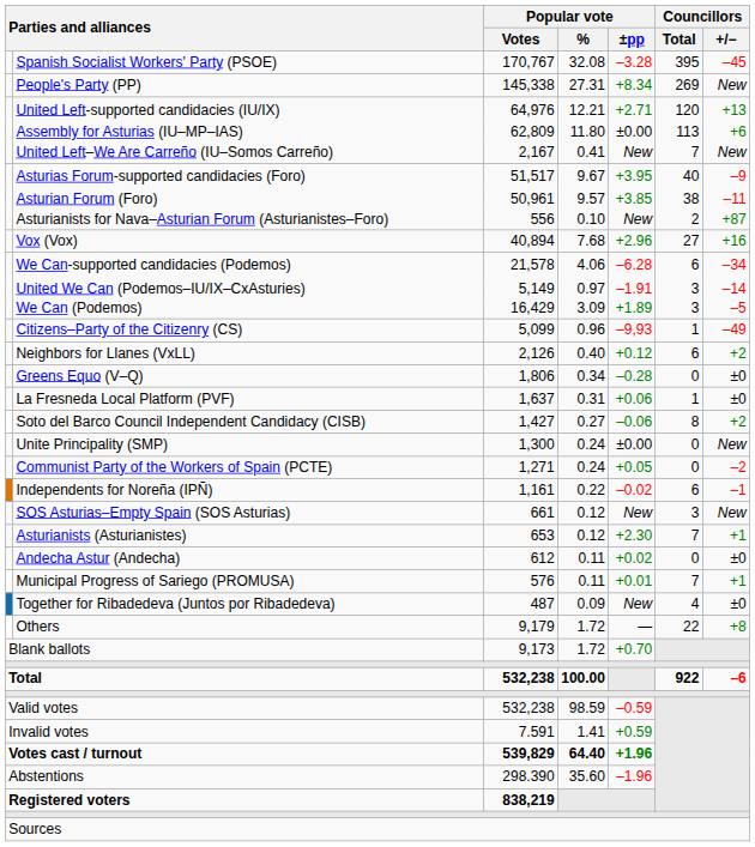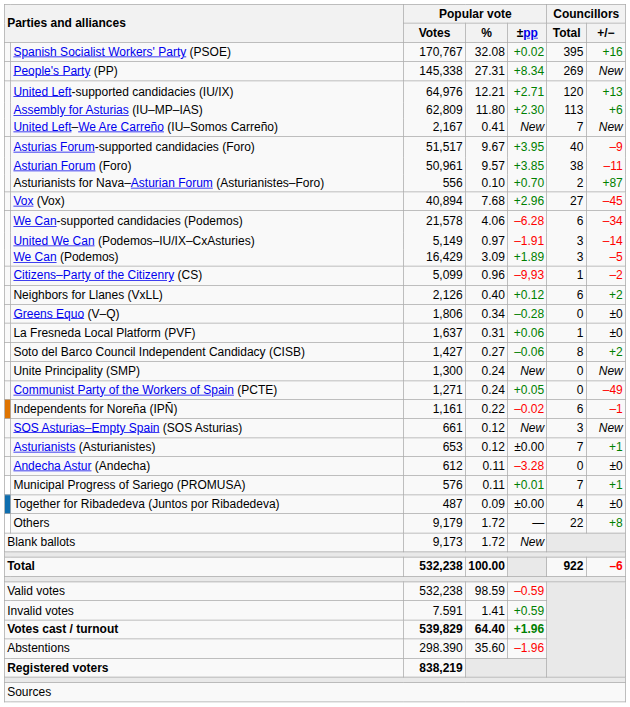 <table class="wikitable" style="text-align:right;">
 <tr>
 <th colspan="2" rowspan="2" style="text-align:left;" width="525">Parties and alliances</th>
 <th colspan="3">Popular vote</th>
 <th colspan="2">Councillors</th>
 </tr>
 <tr>
 <th width="75">Votes</th>
 <th width="45">%</th>
 <th width="45">±<a href='#'>pp</a></th>
 <th width="45">Total</th>
 <th width="45">+/−</th>
 </tr>
 <tr>
 <td width="1" style="color:inherit;background:"></td>
 <td align="left"><a href='#'>Spanish Socialist Workers' Party</a> (PSOE)</td>
 <td>170,767</td>
 <td>32.08</td>
-<td style="color:red;">–3.28</td>
+<td style="color:green;">+0.02</td>
 <td>395</td>
-<td style="color:red;">–45</td>
+<td style="color:green;">+16</td>
 </tr>
 <tr>
 <td style="color:inherit;background:"></td>
 <td align="left"><a href='#'>People's Party</a> (PP)</td>
 <td>145,338</td>
 <td>27.31</td>
 <td style="color:green;">+8.34</td>
 <td>269</td>
 <td><em>New</em></td>
 </tr>
 <tr style="line-height:22px;">
 <td rowspan="3" style="color:inherit;background:"></td>
 <td align="left"><a href='#'>United Left</a>-supported candidacies (IU/IX)</td>
 <td>64,976</td>
 <td>12.21</td>
 <td style="color:green;">+2.71</td>
 <td>120</td>
 <td style="color:green;">+13</td>
 </tr>
 <tr style="border-bottom-style:hidden; border-top-style:hidden; line-height:16px;">
 <td align="left"><span><a href='#'>Assembly for Asturias</a> (IU–MP–IAS)</span></td>
 <td>62,809</td>
 <td>11.80</td>
-<td>±0.00</td>
+<td style="color:green;">+2.30</td>
 <td>113</td>
 <td style="color:green;">+6</td>
 </tr>
 <tr style="line-height:16px;">
 <td align="left"><span><a href='#'>United Left</a>–<a href='#'>We Are Carreño</a> (IU–Somos Carreño)</span></td>
 <td>2,167</td>
 <td>0.41</td>
 <td><em>New</em></td>
 <td>7</td>
 <td><em>New</em></td>
 </tr>
 <tr style="line-height:22px;">
 <td rowspan="3" style="color:inherit;background:"></td>
 <td align="left"><a href='#'>Asturias Forum</a>-supported candidacies (Foro)</td>
 <td>51,517</td>
 <td>9.67</td>
 <td style="color:green;">+3.95</td>
 <td>40</td>
 <td style="color:red;">–9</td>
 </tr>
 <tr style="border-top-style:hidden; line-height:16px;">
 <td align="left"><span><a href='#'>Asturian Forum</a> (Foro)</span></td>
 <td>50,961</td>
 <td>9.57</td>
 <td style="color:green;">+3.85</td>
 <td>38</td>
 <td style="color:red;">–11</td>
 </tr>
 <tr style="border-top-style:hidden; line-height:16px;">
 <td align="left"><span>Asturianists for Nava–<a href='#'>Asturian Forum</a> (Asturianistes–Foro)</span></td>
 <td>556</td>
 <td>0.10</td>
-<td><em>New</em></td>
+<td style="color:green;">+0.70</td>
 <td>2</td>
 <td style="color:green;">+87</td>
 </tr>
 <tr>
 <td style="color:inherit;background:"></td>
 <td align="left"><a href='#'>Vox</a> (Vox)</td>
 <td>40,894</td>
 <td>7.68</td>
 <td style="color:green;">+2.96</td>
 <td>27</td>
-<td style="color:green;">+16</td>
+<td style="color:red;">–45</td>
 </tr>
 <tr style="line-height:22px;">
 <td rowspan="3" style="color:inherit;background:"></td>
 <td align="left"><a href='#'>We Can</a>-supported candidacies (Podemos)</td>
 <td>21,578</td>
 <td>4.06</td>
 <td style="color:red;">–6.28</td>
 <td>6</td>
 <td style="color:red;">–34</td>
 </tr>
 <tr style="border-bottom-style:hidden; border-top-style:hidden; line-height:16px;">
 <td align="left"><span><a href='#'>United We Can</a> (Podemos–IU/IX–CxAsturies)</span></td>
 <td>5,149</td>
 <td>0.97</td>
 <td style="color:red;">–1.91</td>
 <td>3</td>
 <td style="color:red;">–14</td>
 </tr>
 <tr style="border-top-style:hidden; line-height:16px;">
 <td align="left"><span><a href='#'>We Can</a> (Podemos)</span></td>
 <td>16,429</td>
 <td>3.09</td>
 <td style="color:green;">+1.89</td>
 <td>3</td>
 <td style="color:red;">–5</td>
 </tr>
 <tr>
 <td style="color:inherit;background:"></td>
 <td align="left"><a href='#'>Citizens–Party of the Citizenry</a> (CS)</td>
 <td>5,099</td>
 <td>0.96</td>
 <td style="color:red;">–9,93</td>
 <td>1</td>
-<td style="color:red;">–49</td>
+<td style="color:red;">–2</td>
 </tr>
 <tr>
 <td style="color:inherit;background:"></td>
 <td align="left">Neighbors for Llanes (VxLL)</td>
 <td>2,126</td>
 <td>0.40</td>
 <td style="color:green;">+0.12</td>
 <td>6</td>
 <td style="color:green;">+2</td>
 </tr>
 <tr>
 <td style="color:inherit;background:"></td>
 <td align="left"><a href='#'>Greens Equo</a> (V–Q)</td>
 <td>1,806</td>
 <td>0.34</td>
 <td style="color:green;">–0.28</td>
 <td>0</td>
 <td>±0</td>
 </tr>
 <tr>
 <td style="color:inherit;background:"></td>
 <td align="left">La Fresneda Local Platform (PVF)</td>
 <td>1,637</td>
 <td>0.31</td>
 <td style="color:green;">+0.06</td>
 <td>1</td>
 <td>±0</td>
 </tr>
 <tr>
 <td bgcolor="white"></td>
 <td align="left">Soto del Barco Council Independent Candidacy (CISB)</td>
 <td>1,427</td>
 <td>0.27</td>
 <td style="color:green;">–0.06</td>
 <td>8</td>
 <td style="color:green;">+2</td>
 </tr>
 <tr>
 <td style="color:inherit;background:"></td>
 <td align="left">Unite Principality (SMP)</td>
 <td>1,300</td>
 <td>0.24</td>
-<td>±0.00</td>
+<td><em>New</em></td>
 <td>0</td>
 <td><em>New</em></td>
 </tr>
 <tr>
 <td style="color:inherit;background:"></td>
 <td align="left"><a href='#'>Communist Party of the Workers of Spain</a> (PCTE)</td>
 <td>1,271</td>
 <td>0.24</td>
 <td style="color:green;">+0.05</td>
 <td>0</td>
-<td style="color:red;">–2</td>
+<td style="color:red;">–49</td>
 </tr>
 <tr>
 <td bgcolor="#DF7401"></td>
 <td align="left">Independents for Noreña (IPÑ)</td>
 <td>1,161</td>
 <td>0.22</td>
 <td style="color:red;">–0.02</td>
 <td>6</td>
 <td style="color:red;">–1</td>
 </tr>
 <tr>
 <td style="color:inherit;background:"></td>
 <td align="left"><a href='#'>SOS Asturias–Empty Spain</a> (SOS Asturias)</td>
 <td>661</td>
 <td>0.12</td>
 <td><em>New</em></td>
 <td>3</td>
 <td><em>New</em></td>
 </tr>
 <tr>
 <td style="color:inherit;background:"></td>
 <td align="left"><a href='#'>Asturianists</a> (Asturianistes)</td>
 <td>653</td>
 <td>0.12</td>
-<td style="color:green;">+2.30</td>
+<td>±0.00</td>
 <td>7</td>
 <td style="color:green;">+1</td>
 </tr>
 <tr>
 <td style="color:inherit;background:"></td>
 <td align="left"><a href='#'>Andecha Astur</a> (Andecha)</td>
 <td>612</td>
 <td>0.11</td>
-<td style="color:green;">+0.02</td>
+<td style="color:red;">–3.28</td>
 <td>0</td>
 <td>±0</td>
 </tr>
 <tr>
 <td bgcolor="white"></td>
 <td align="left">Municipal Progress of Sariego (PROMUSA)</td>
 <td>576</td>
 <td>0.11</td>
 <td style="color:green;">+0.01</td>
 <td>7</td>
 <td style="color:green;">+1</td>
 </tr>
 <tr>
 <td bgcolor="#0F6EAF"></td>
 <td align="left">Together for Ribadedeva (Juntos por Ribadedeva)</td>
 <td>487</td>
 <td>0.09</td>
-<td><em>New</em></td>
+<td>±0.00</td>
 <td>4</td>
 <td>±0</td>
 </tr>
 <tr>
 <td bgcolor="white"></td>
 <td align="left">Others</td>
 <td>9,179</td>
 <td>1.72</td>
 <td>—</td>
 <td>22</td>
 <td style="color:green;">+8</td>
 </tr>
 <tr>
 <td colspan="2" align="left">Blank ballots</td>
 <td>9,173</td>
 <td>1.72</td>
-<td style="color:green;">+0.70</td>
+<td><em>New</em></td>
 <td colspan="2" bgcolor="#E9E9E9"></td>
 </tr>
 <tr>
 <td colspan="7" bgcolor="#E9E9E9"></td>
 </tr>
 <tr style="font-weight:bold;">
 <td colspan="2" align="left">Total</td>
 <td>532,238</td>
 <td>100.00</td>
 <td bgcolor="#E9E9E9"></td>
 <td>922</td>
 <td style="color:red;">–6</td>
 </tr>
 <tr>
 <td colspan="7" bgcolor="#E9E9E9"></td>
 </tr>
 <tr>
 <td colspan="2" align="left">Valid votes</td>
 <td>532,238</td>
 <td>98.59</td>
 <td style="color:red;">–0.59</td>
 <td colspan="2" rowspan="5" bgcolor="#E9E9E9"></td>
 </tr>
 <tr>
 <td colspan="2" align="left">Invalid votes</td>
 <td>7.591</td>
 <td>1.41</td>
 <td style="color:green;">+0.59</td>
 </tr>
 <tr style="font-weight:bold;">
 <td colspan="2" align="left">Votes cast / turnout</td>
 <td>539,829</td>
 <td>64.40</td>
 <td style="color:green;">+1.96</td>
 </tr>
 <tr>
 <td colspan="2" align="left">Abstentions</td>
 <td>298.390</td>
 <td>35.60</td>
 <td style="color:red;">–1.96</td>
 </tr>
 <tr style="font-weight:bold;">
 <td colspan="2" align="left">Registered voters</td>
 <td>838,219</td>
 <td colspan="2" bgcolor="#E9E9E9"></td>
 </tr>
 <tr>
 <td colspan="7" bgcolor="#E9E9E9"></td>
 </tr>
 <tr>
 <td colspan="7" align="left">Sources</td>
 </tr>
 </table>
